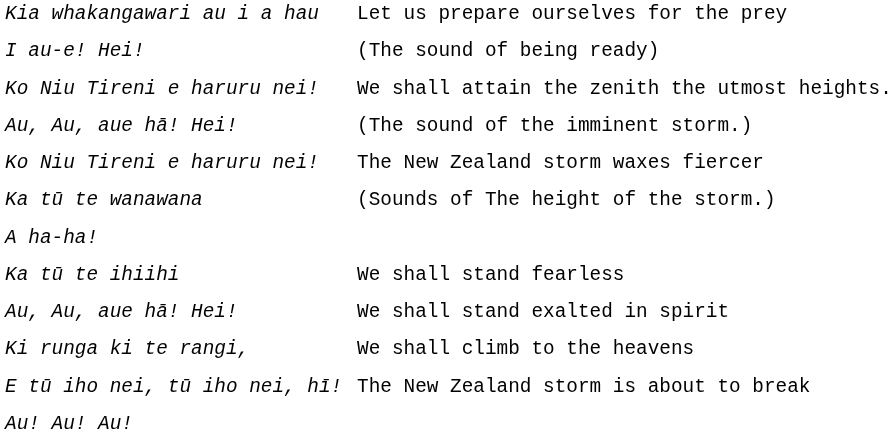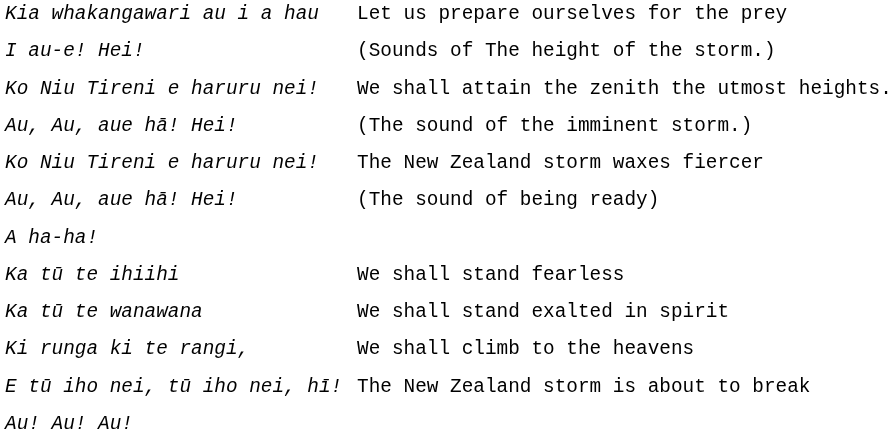 <table border="0" cellpadding="4" cellspacing="2" style="margin-left:3em">
 <tr>
 <td></td>
 </tr>
 <tr>
 <td><em>Kia whakangawari au i a hau</em></td>
 <td>Let us prepare ourselves for the prey</td>
 </tr>
 <tr>
 <td><em>I au-e! Hei! </em></td>
-<td>(The sound of being ready)</td>
+<td>(Sounds of The height of the storm.)</td>
 </tr>
 <tr>
 <td><em> Ko Niu Tireni e haruru nei!</em></td>
 <td>We shall attain the zenith the utmost heights.</td>
 </tr>
 <tr>
 <td><em>Au, Au, aue hā! Hei!</em></td>
 <td>(The sound of the imminent storm.)</td>
 </tr>
 <tr>
 <td><em> Ko Niu Tireni e haruru nei!</em></td>
 <td>The New Zealand storm waxes fiercer</td>
 </tr>
 <tr>
-<td><em>Ka tū te wanawana</em></td>
-<td>(Sounds of The height of the storm.)</td>
+<td><em>Au, Au, aue hā! Hei!</em></td>
+<td>(The sound of being ready)</td>
 </tr>
 <tr>
 <td><em> A ha-ha!</em></td>
 <td></td>
 </tr>
 <tr>
 <td><em>Ka tū te ihiihi</em></td>
 <td>We shall stand fearless</td>
 </tr>
 <tr>
-<td><em>Au, Au, aue hā! Hei!</em></td>
+<td><em>Ka tū te wanawana</em></td>
 <td>We shall stand exalted in spirit</td>
 </tr>
 <tr>
 <td><em>Ki runga ki te rangi, </em></td>
 <td>We shall climb to the heavens</td>
 </tr>
 <tr>
 <td><em>E tū iho nei, tū iho nei, hī!</em></td>
 <td>The New Zealand storm is about to break</td>
 </tr>
 <tr>
 <td><em> Au! Au! Au!</em></td>
 </tr>
 </table>
